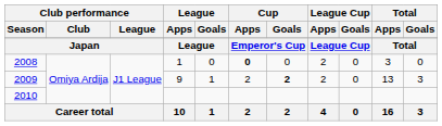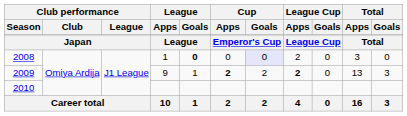 <table class="wikitable" style="text-align:center">
 <tr>
 <th colspan=3>Club performance</th>
 <th colspan=2>League</th>
 <th colspan=2>Cup</th>
 <th colspan=2>League Cup</th>
 <th colspan=2>Total</th>
 </tr>
 <tr>
 <th>Season</th>
 <th>Club</th>
 <th>League</th>
 <th>Apps</th>
 <th>Goals</th>
 <th>Apps</th>
 <th>Goals</th>
 <th>Apps</th>
 <th>Goals</th>
 <th>Apps</th>
 <th>Goals</th>
 </tr>
 <tr>
 </tr>
 <tr>
 <th colspan=3>Japan</th>
 <th colspan=2>League</th>
 <th colspan=2><a href='#'>Emperor's Cup</a></th>
 <th colspan=2><a href='#'>League Cup</a></th>
 <th colspan=2>Total</th>
 </tr>
 <tr>
 <td><a href='#'>2008</a></td>
 <td rowspan="3"><a href='#'>Omiya Ardija</a></td>
 <td rowspan="3"><a href='#'>J1 League</a></td>
 <td>1</td>
-<td>0</td>
 <td><strong>0</strong></td>
 <td>0</td>
+<td style="background: lavender;">0</td>
 <td>2</td>
 <td>0</td>
 <td>3</td>
 <td>0</td>
 </tr>
 <tr>
 <td><a href='#'>2009</a></td>
 <td>9</td>
 <td>1</td>
+<td><strong>2</strong></td>
 <td>2</td>
 <td><strong>2</strong></td>
-<td>2</td>
 <td>0</td>
 <td>13</td>
 <td>3</td>
 </tr>
 <tr>
 <td><a href='#'>2010</a></td>
 <td></td>
 <td></td>
 <td></td>
 <td></td>
 <td></td>
 <td></td>
 <td></td>
 <td></td>
 </tr>
 <tr>
 <th colspan=3>Career total</th>
 <th>10</th>
 <th>1</th>
 <th>2</th>
 <th>2</th>
 <th>4</th>
 <th>0</th>
 <th>16</th>
 <th>3</th>
 </tr>
 </table>
